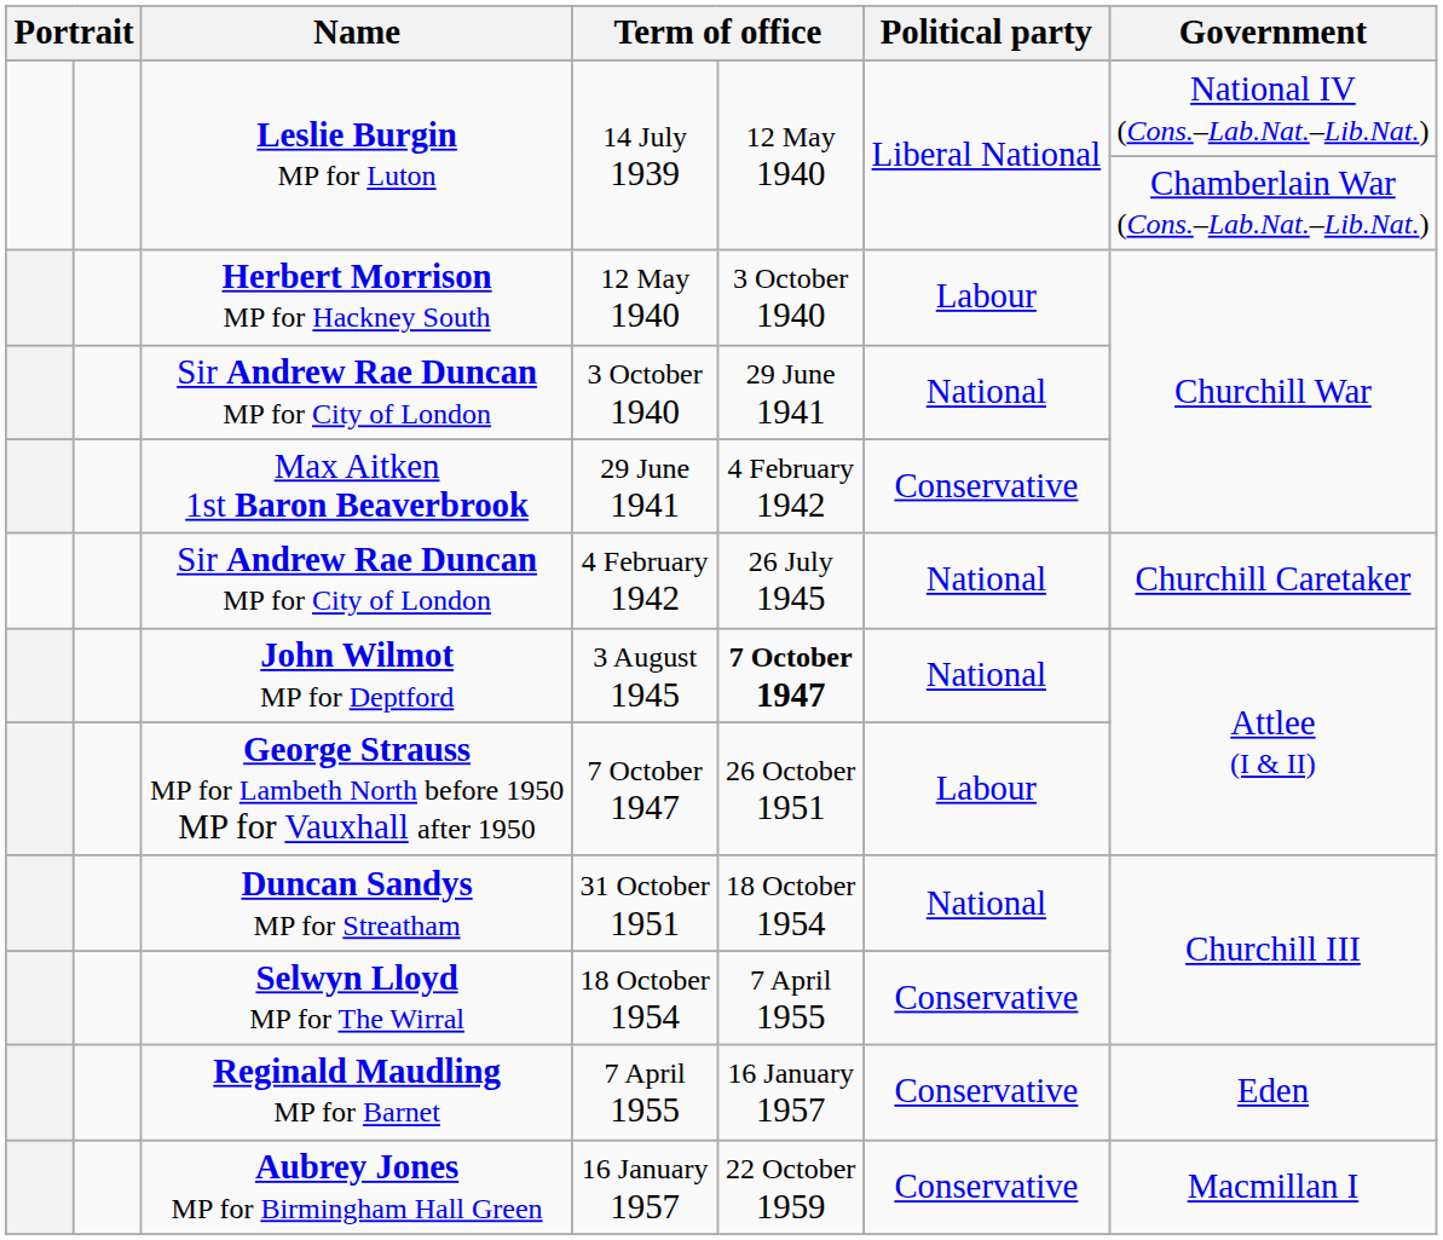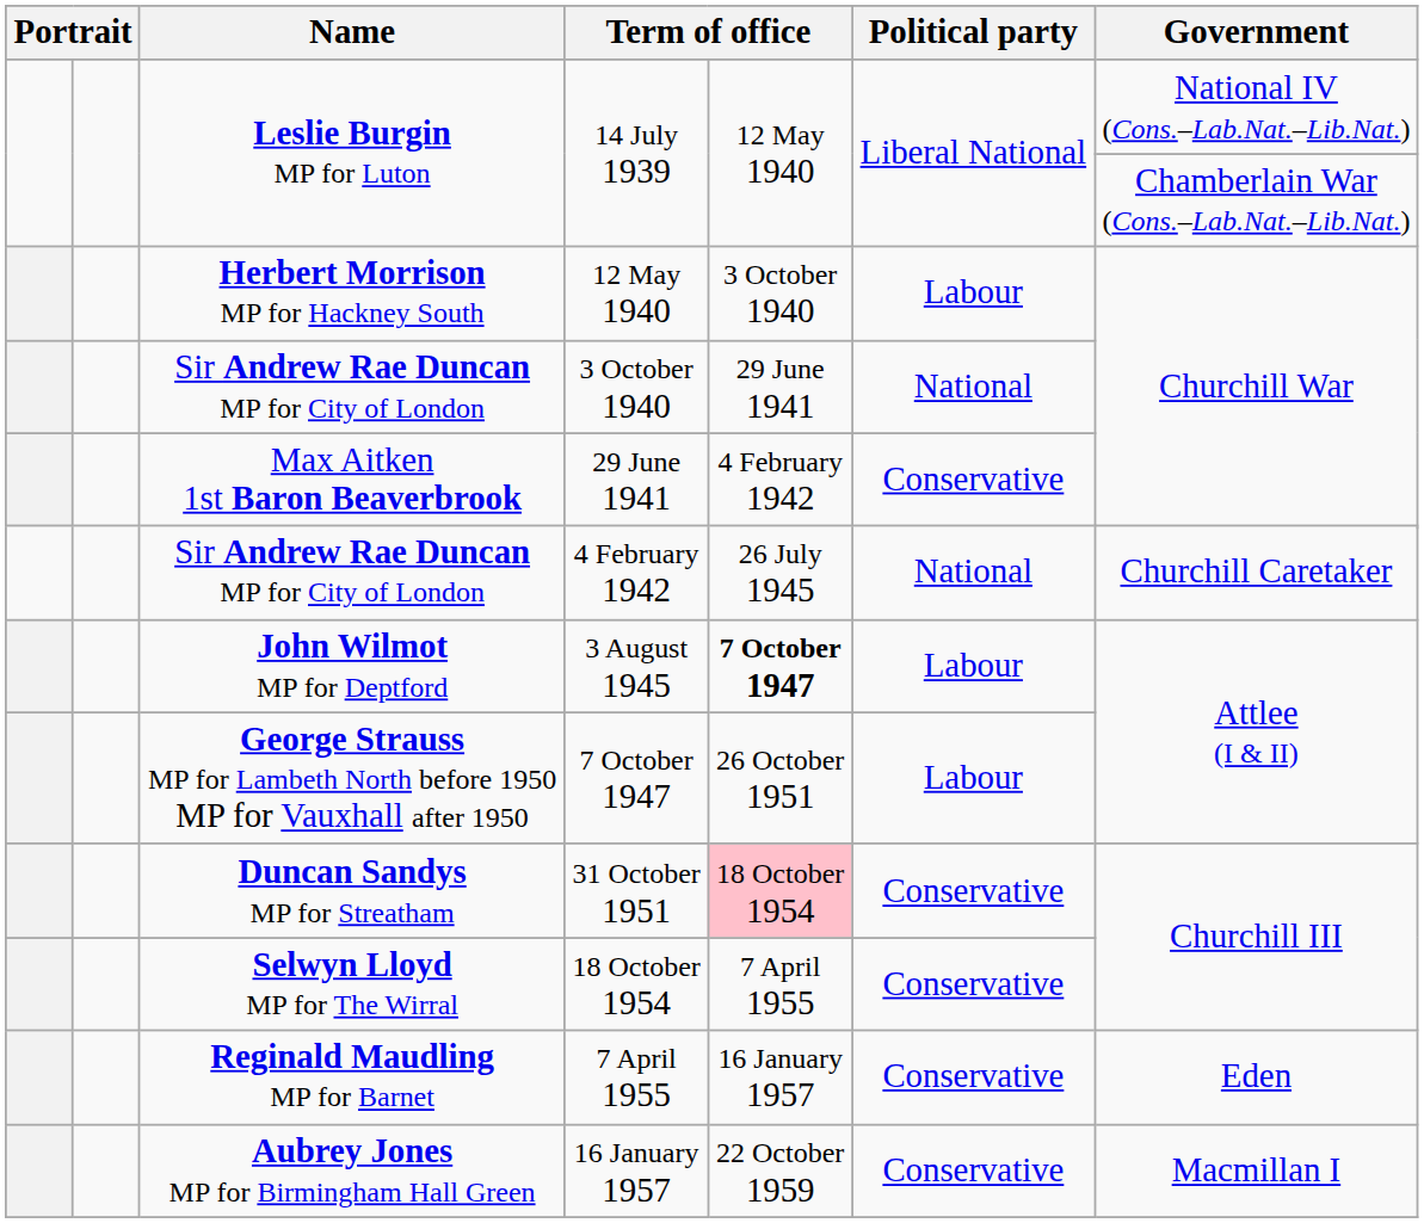 <table class="wikitable" style="text-align:Center">
 <tr>
 <th colspan=2>Portrait</th>
 <th>Name</th>
 <th colspan=2>Term of office</th>
 <th>Political party</th>
 <th>Government</th>
 </tr>
 <tr>
 <td rowspan="2" style="background-color: "></td>
 <td rowspan="2"></td>
 <td rowspan="2"><strong><a href='#'>Leslie Burgin</a></strong><br><small>MP for <a href='#'>Luton</a></small></td>
 <td rowspan="2"><small>14 July</small><br>1939</td>
 <td rowspan="2"><small>12 May</small><br>1940</td>
 <td rowspan="2" ><a href='#'>Liberal National</a></td>
 <td><a href='#'>National IV</a><br><small>(<em><a href='#'>Cons.</a>–<a href='#'>Lab.Nat.</a>–<a href='#'>Lib.Nat.</a></em>)</small></td>
 </tr>
 <tr>
 <td><a href='#'>Chamberlain War</a><br><small>(<em><a href='#'>Cons.</a>–<a href='#'>Lab.Nat.</a>–<a href='#'>Lib.Nat.</a></em>)</small></td>
 </tr>
 <tr>
 <th style="background-color: "></th>
 <td></td>
 <td><strong><a href='#'>Herbert Morrison</a></strong><br><small>MP for <a href='#'>Hackney South</a></small></td>
 <td><small>12 May</small><br>1940</td>
 <td><small>3 October</small><br>1940</td>
 <td><a href='#'>Labour</a></td>
 <td rowspan="4" ><a href='#'>Churchill War</a></td>
 </tr>
 <tr>
 <th style="background-color: "></th>
 <td></td>
 <td><a href='#'>Sir <strong>Andrew Rae Duncan</strong></a><br><small>MP for <a href='#'>City of London</a></small></td>
 <td><small>3 October</small><br>1940</td>
 <td><small>29 June</small><br>1941</td>
 <td><a href='#'>National</a></td>
 </tr>
 <tr>
 <th style="background-color: "></th>
 <td></td>
 <td><a href='#'>Max Aitken<br> 1st <strong>Baron Beaverbrook</strong></a></td>
 <td><small>29 June</small><br>1941</td>
 <td><small>4 February</small><br>1942</td>
 <td><a href='#'>Conservative</a></td>
 </tr>
 <tr>
 <td rowspan="2" style="background-color: "></td>
 <td rowspan="2"></td>
 <td rowspan="2"><a href='#'>Sir <strong>Andrew Rae Duncan</strong></a><br><small>MP for <a href='#'>City of London</a></small></td>
 <td rowspan="2"><small>4 February</small><br>1942</td>
 <td rowspan="2"><small>26 July</small><br>1945</td>
 <td rowspan="2"  ><a href='#'>National</a></td>
 </tr>
 <tr>
 <td><a href='#'>Churchill Caretaker</a></td>
 </tr>
 <tr>
 <th style="background-color: "></th>
 <td></td>
 <td><a href='#'><strong>John Wilmot</strong></a><br><small>MP for <a href='#'>Deptford</a></small></td>
 <td><small>3 August</small><br>1945</td>
 <td><strong><small>7 October</small><br>1947</strong></td>
-<td><a href='#'>National</a></td>
+<td><a href='#'>Labour</a></td>
 <td rowspan="2" ><a href='#'>Attlee<br><small>(I & II)</small></a></td>
 </tr>
 <tr>
 <th style="background-color: "></th>
 <td></td>
 <td><strong><a href='#'>George Strauss</a></strong><br><small>MP for <a href='#'>Lambeth North</a> before 1950</small><br>MP for <a href='#'>Vauxhall</a> <small>after 1950</small></td>
 <td><small>7 October</small><br>1947</td>
 <td><small>26 October</small><br>1951</td>
 <td><a href='#'>Labour</a></td>
 </tr>
 <tr>
 <th style="background-color: "></th>
 <td></td>
 <td><strong><a href='#'>Duncan Sandys</a></strong><br><small>MP for <a href='#'>Streatham</a></small></td>
 <td><small>31 October</small><br>1951</td>
-<td><small>18 October</small><br>1954</td>
-<td><a href='#'>National</a></td>
+<td style="background: pink;"><small>18 October</small><br>1954</td>
+<td><a href='#'>Conservative</a></td>
 <td rowspan=2 ><a href='#'>Churchill III</a></td>
 </tr>
 <tr>
 <th style="background-color: "></th>
 <td></td>
 <td><strong><a href='#'>Selwyn Lloyd</a></strong><br><small>MP for <a href='#'>The Wirral</a></small></td>
 <td><small>18 October</small><br>1954</td>
 <td><small>7 April</small><br>1955</td>
 <td><a href='#'>Conservative</a></td>
 </tr>
 <tr>
 <th style="background-color: "></th>
 <td></td>
 <td><strong><a href='#'>Reginald Maudling</a></strong><br><small>MP for <a href='#'>Barnet</a></small></td>
 <td><small>7 April</small><br>1955</td>
 <td><small>16 January</small><br>1957</td>
 <td><a href='#'>Conservative</a></td>
 <td><a href='#'>Eden</a></td>
 </tr>
 <tr>
 <th style="background-color: "></th>
 <td></td>
 <td><strong><a href='#'>Aubrey Jones</a></strong><br><small>MP for <a href='#'>Birmingham Hall Green</a></small></td>
 <td><small>16 January</small><br>1957</td>
 <td><small>22 October</small><br>1959</td>
 <td><a href='#'>Conservative</a></td>
 <td><a href='#'>Macmillan I</a></td>
 </tr>
 </table>
